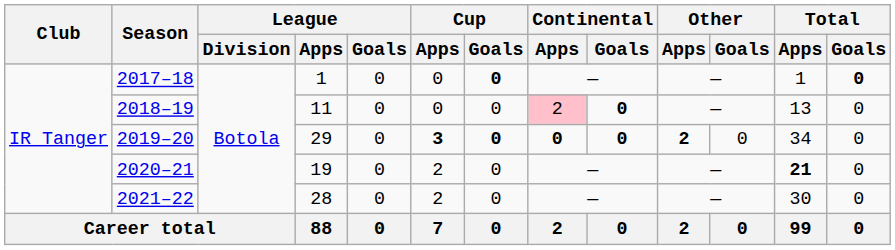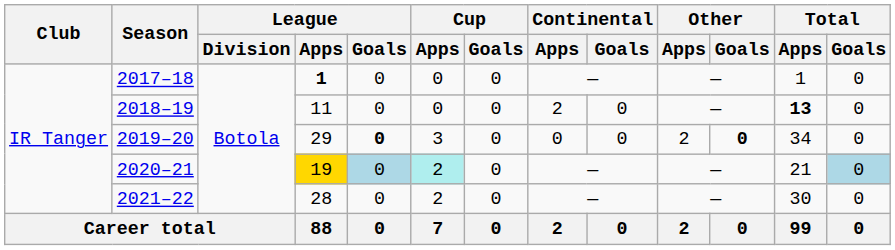 <table class="wikitable" style="text-align:center">
 <tr>
 <th rowspan="2">Club</th>
 <th rowspan="2">Season</th>
 <th colspan="3">League</th>
 <th colspan="2">Cup</th>
 <th colspan="2">Continental</th>
 <th colspan="2">Other</th>
 <th colspan="2">Total</th>
 </tr>
 <tr>
 <th>Division</th>
 <th>Apps</th>
 <th>Goals</th>
 <th>Apps</th>
 <th>Goals</th>
 <th>Apps</th>
 <th>Goals</th>
 <th>Apps</th>
 <th>Goals</th>
 <th>Apps</th>
 <th>Goals</th>
 </tr>
 <tr>
 <td rowspan="5"><a href='#'>IR Tanger</a></td>
 <td><a href='#'>2017–18</a></td>
 <td rowspan="5"><a href='#'>Botola</a></td>
-<td>1</td>
+<td><strong>1</strong></td>
 <td>0</td>
 <td>0</td>
-<td><strong>0</strong></td>
+<td>0</td>
 <td colspan="2">—</td>
 <td colspan="2">—</td>
 <td>1</td>
-<td><strong>0</strong></td>
+<td>0</td>
 </tr>
 <tr>
 <td><a href='#'>2018–19</a></td>
 <td>11</td>
 <td>0</td>
 <td>0</td>
 <td>0</td>
-<td style="background: pink;">2</td>
-<td><strong>0</strong></td>
+<td>2</td>
+<td>0</td>
 <td colspan="2">—</td>
-<td>13</td>
+<td><strong>13</strong></td>
 <td>0</td>
 </tr>
 <tr>
 <td><a href='#'>2019–20</a></td>
 <td>29</td>
+<td><strong>0</strong></td>
+<td>3</td>
 <td>0</td>
-<td><strong>3</strong></td>
+<td>0</td>
+<td>0</td>
+<td>2</td>
 <td><strong>0</strong></td>
-<td><strong>0</strong></td>
-<td><strong>0</strong></td>
-<td><strong>2</strong></td>
-<td>0</td>
 <td>34</td>
 <td>0</td>
 </tr>
 <tr>
 <td><a href='#'>2020–21</a></td>
-<td>19</td>
-<td>0</td>
-<td>2</td>
+<td style="background: gold;">19</td>
+<td style="background: lightblue;">0</td>
+<td style="background: paleturquoise;">2</td>
 <td>0</td>
 <td colspan="2">—</td>
 <td colspan="2">—</td>
-<td><strong>21</strong></td>
-<td>0</td>
+<td>21</td>
+<td style="background: lightblue;">0</td>
 </tr>
 <tr>
 <td><a href='#'>2021–22</a></td>
 <td>28</td>
 <td>0</td>
 <td>2</td>
 <td>0</td>
 <td colspan="2">—</td>
 <td colspan="2">—</td>
 <td>30</td>
 <td>0</td>
 </tr>
 <tr>
 <th colspan="3">Career total</th>
 <th>88</th>
 <th>0</th>
 <th>7</th>
 <th>0</th>
 <th>2</th>
 <th>0</th>
 <th>2</th>
 <th>0</th>
 <th>99</th>
 <th>0</th>
 </tr>
 </table>
